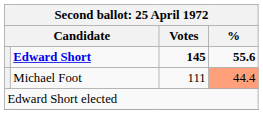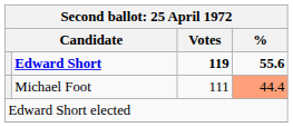 <table class=wikitable style="font-size:95%;">
 <tr>
 <th colspan="4">Second ballot: 25 April 1972</th>
 </tr>
 <tr>
 <th colspan="2" style="width: 170px">Candidate</th>
 <th style="width: 52px">Votes</th>
 <th style="width: 52px">%</th>
 </tr>
 <tr>
 <th style="background-color: "></th>
 <td style="right: 170px"><strong><a href='#'>Edward Short</a></strong></td>
-<td align="right"><strong>145</strong></td>
+<td align="right"><strong>119</strong></td>
 <td align="right"><strong>55.6</strong></td>
 </tr>
 <tr>
 <th style="background-color: "></th>
 <td style="width: 170px">Michael Foot</td>
 <td align="right">111</td>
 <td align="right" style="background: lightsalmon;">44.4</td>
 </tr>
 <tr>
 <td colspan="4">Edward Short elected</td>
 </tr>
 <tr>
 </tr>
 </table>
